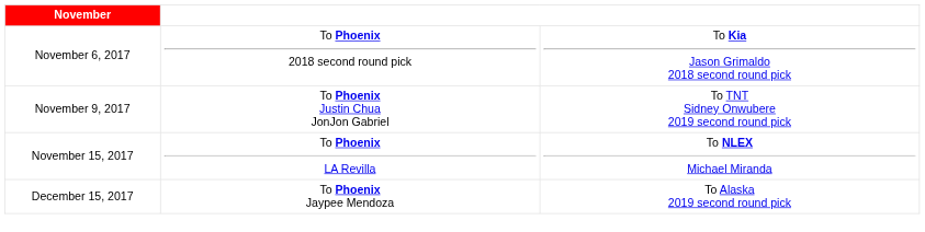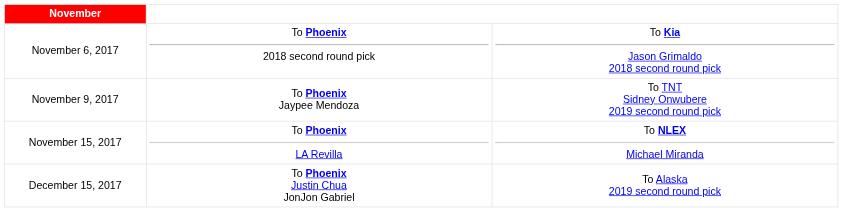 <table border=1 style="border-collapse:collapse; text-align: center; width: 100%" bordercolor="#DFDFDF"  cellpadding="5">
 <tr bgcolor="eeeeee">
 <th style="background:#FF0000; color:#FFFFFF; ">November</th>
 </tr>
 <tr>
 <td style="width:12%">November 6, 2017</td>
 <td style="width:29.3%" valign="top">To <strong><a href='#'>Phoenix</a></strong><hr>2018 second round pick </td>
 <td style="width:29.3%" valign="top">To <strong><a href='#'>Kia</a></strong><hr><a href='#'>Jason Grimaldo</a><br><a href='#'>2018 second round pick</a> </td>
 </tr>
 <tr>
 <td>November 9, 2017</td>
-<td>To <strong><a href='#'>Phoenix</a></strong><br><a href='#'>Justin Chua</a><br>JonJon Gabriel</td>
+<td>To <strong><a href='#'>Phoenix</a></strong><br>Jaypee Mendoza</td>
 <td>To <a href='#'>TNT</a><br><a href='#'>Sidney Onwubere</a><br><a href='#'>2019 second round pick</a></td>
 </tr>
 <tr>
 <td style="width:12%">November 15, 2017</td>
 <td style="width:29.3%" valign="top">To <strong><a href='#'>Phoenix</a></strong><hr><a href='#'>LA Revilla</a></td>
 <td style="width:29.3%" valign="top">To <strong><a href='#'>NLEX</a></strong><hr><a href='#'>Michael Miranda</a></td>
 </tr>
 <tr>
 <td>December 15, 2017</td>
-<td>To <strong><a href='#'>Phoenix</a></strong><br>Jaypee Mendoza</td>
+<td>To <strong><a href='#'>Phoenix</a></strong><br><a href='#'>Justin Chua</a><br>JonJon Gabriel</td>
 <td>To <a href='#'>Alaska</a><br><a href='#'>2019 second round pick</a></td>
 </tr>
 </table>
